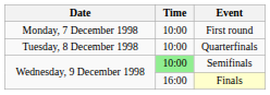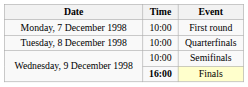 <table class = "wikitable" style="text-align:center;">
 <tr>
 <th width=220>Date</th>
 <th width=50>Time</th>
 <th width=100>Event</th>
 </tr>
 <tr>
 <td>Monday, 7 December 1998</td>
 <td>10:00</td>
 <td>First round</td>
 </tr>
 <tr>
 <td>Tuesday, 8 December 1998</td>
 <td>10:00</td>
 <td>Quarterfinals</td>
 </tr>
 <tr>
 <td rowspan=2>Wednesday, 9 December 1998</td>
-<td style="background: lightgreen;">10:00</td>
+<td>10:00</td>
 <td>Semifinals</td>
 </tr>
 <tr>
-<td>16:00</td>
+<td><strong>16:00</strong></td>
 <td bgcolor=ffffcc>Finals</td>
 </tr>
 </table>
